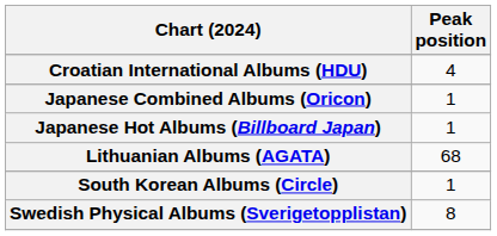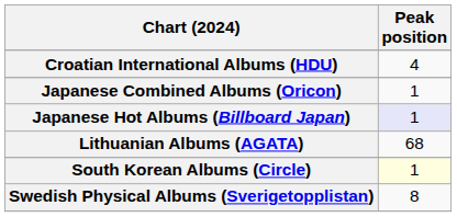 <table class="wikitable sortable plainrowheaders" style="text-align:center">
 <tr>
 <th scope="col">Chart (2024)</th>
 <th scope="col">Peak<br>position</th>
 </tr>
 <tr>
 </tr>
 <tr>
 </tr>
 <tr>
 </tr>
 <tr>
 <th scope="row">Croatian International Albums (<a href='#'>HDU</a>)</th>
 <td>4</td>
 </tr>
 <tr>
 </tr>
 <tr>
 </tr>
 <tr>
 </tr>
 <tr>
 </tr>
 <tr>
 </tr>
 <tr>
 <th scope="row">Japanese Combined Albums (<a href='#'>Oricon</a>)</th>
 <td>1</td>
 </tr>
 <tr>
 <th scope="row">Japanese Hot Albums (<em><a href='#'>Billboard Japan</a></em>)</th>
-<td>1</td>
+<td style="background: lavender;">1</td>
 </tr>
 <tr>
 <th scope="row">Lithuanian Albums (<a href='#'>AGATA</a>)</th>
 <td>68</td>
 </tr>
 <tr>
 </tr>
 <tr>
 </tr>
 <tr>
 <th scope="row">South Korean Albums (<a href='#'>Circle</a>)</th>
-<td>1</td>
+<td style="background: lightyellow;">1</td>
 </tr>
 <tr>
 <th scope="row">Swedish Physical Albums (<a href='#'>Sverigetopplistan</a>)</th>
 <td>8</td>
 </tr>
 <tr>
 </tr>
 <tr>
 </tr>
 <tr>
 </tr>
 <tr>
 </tr>
 <tr>
 </tr>
 </table>
